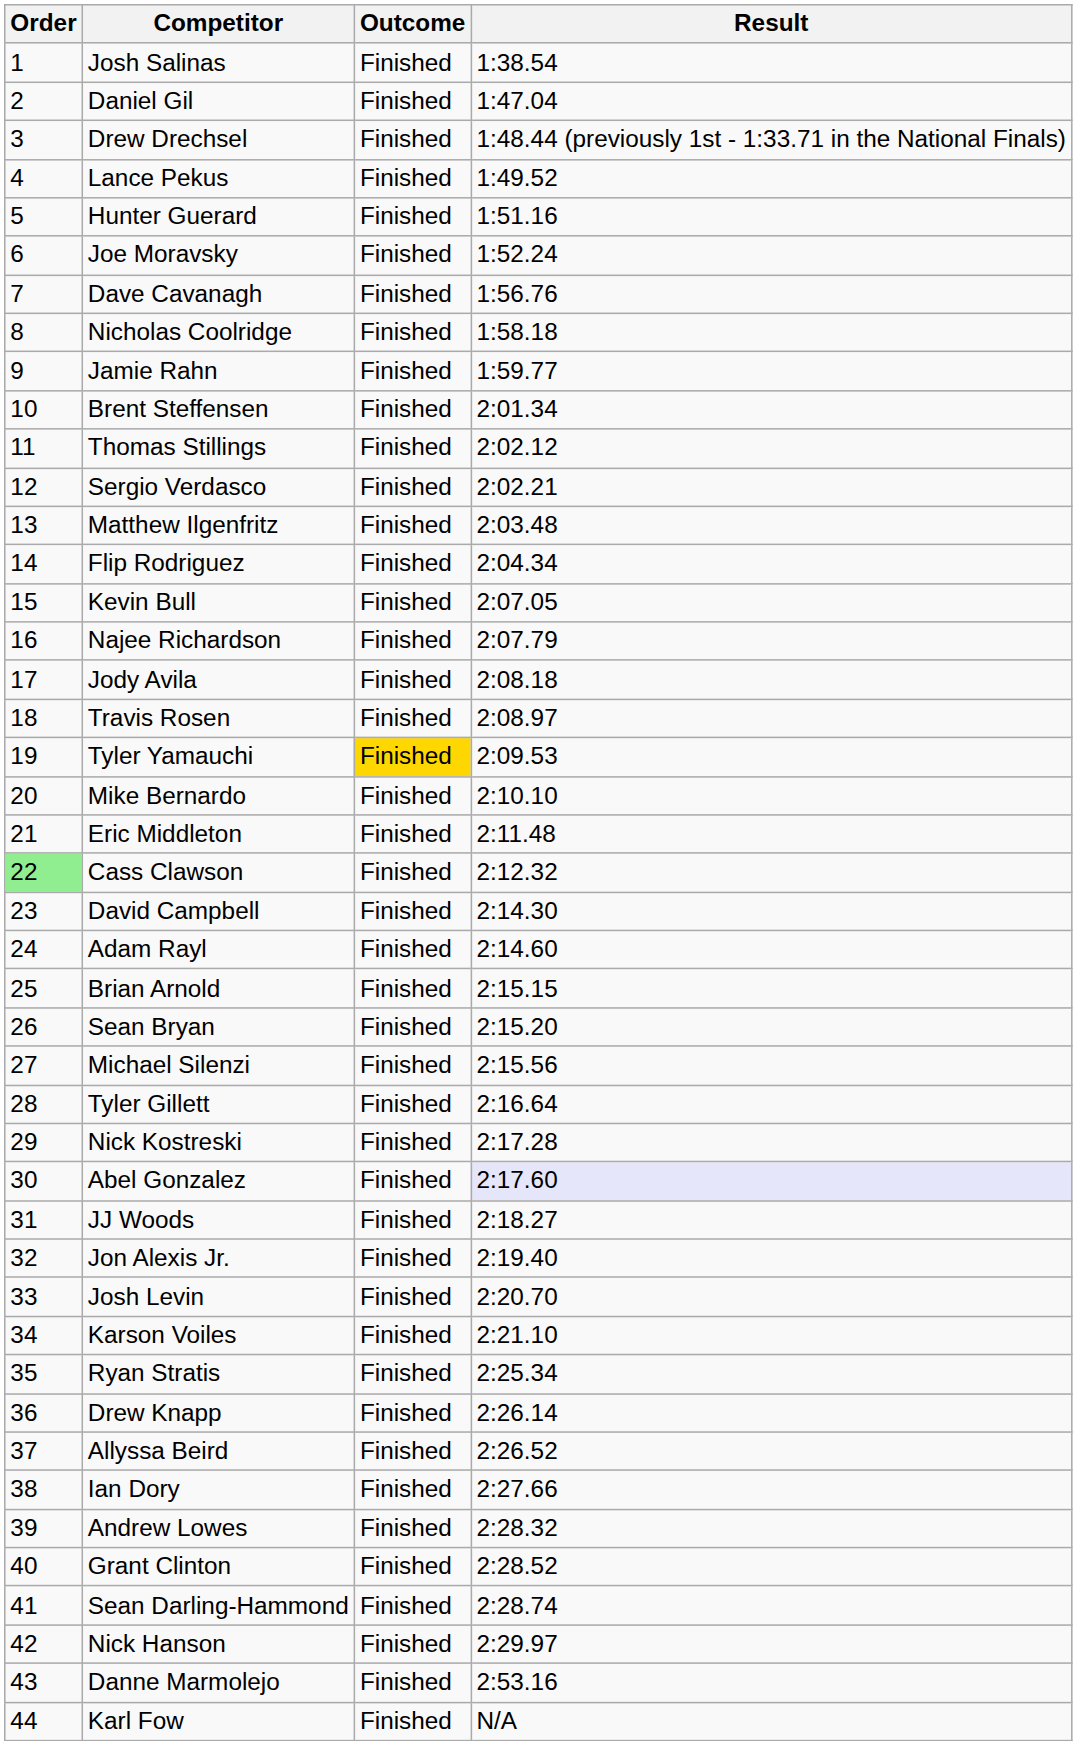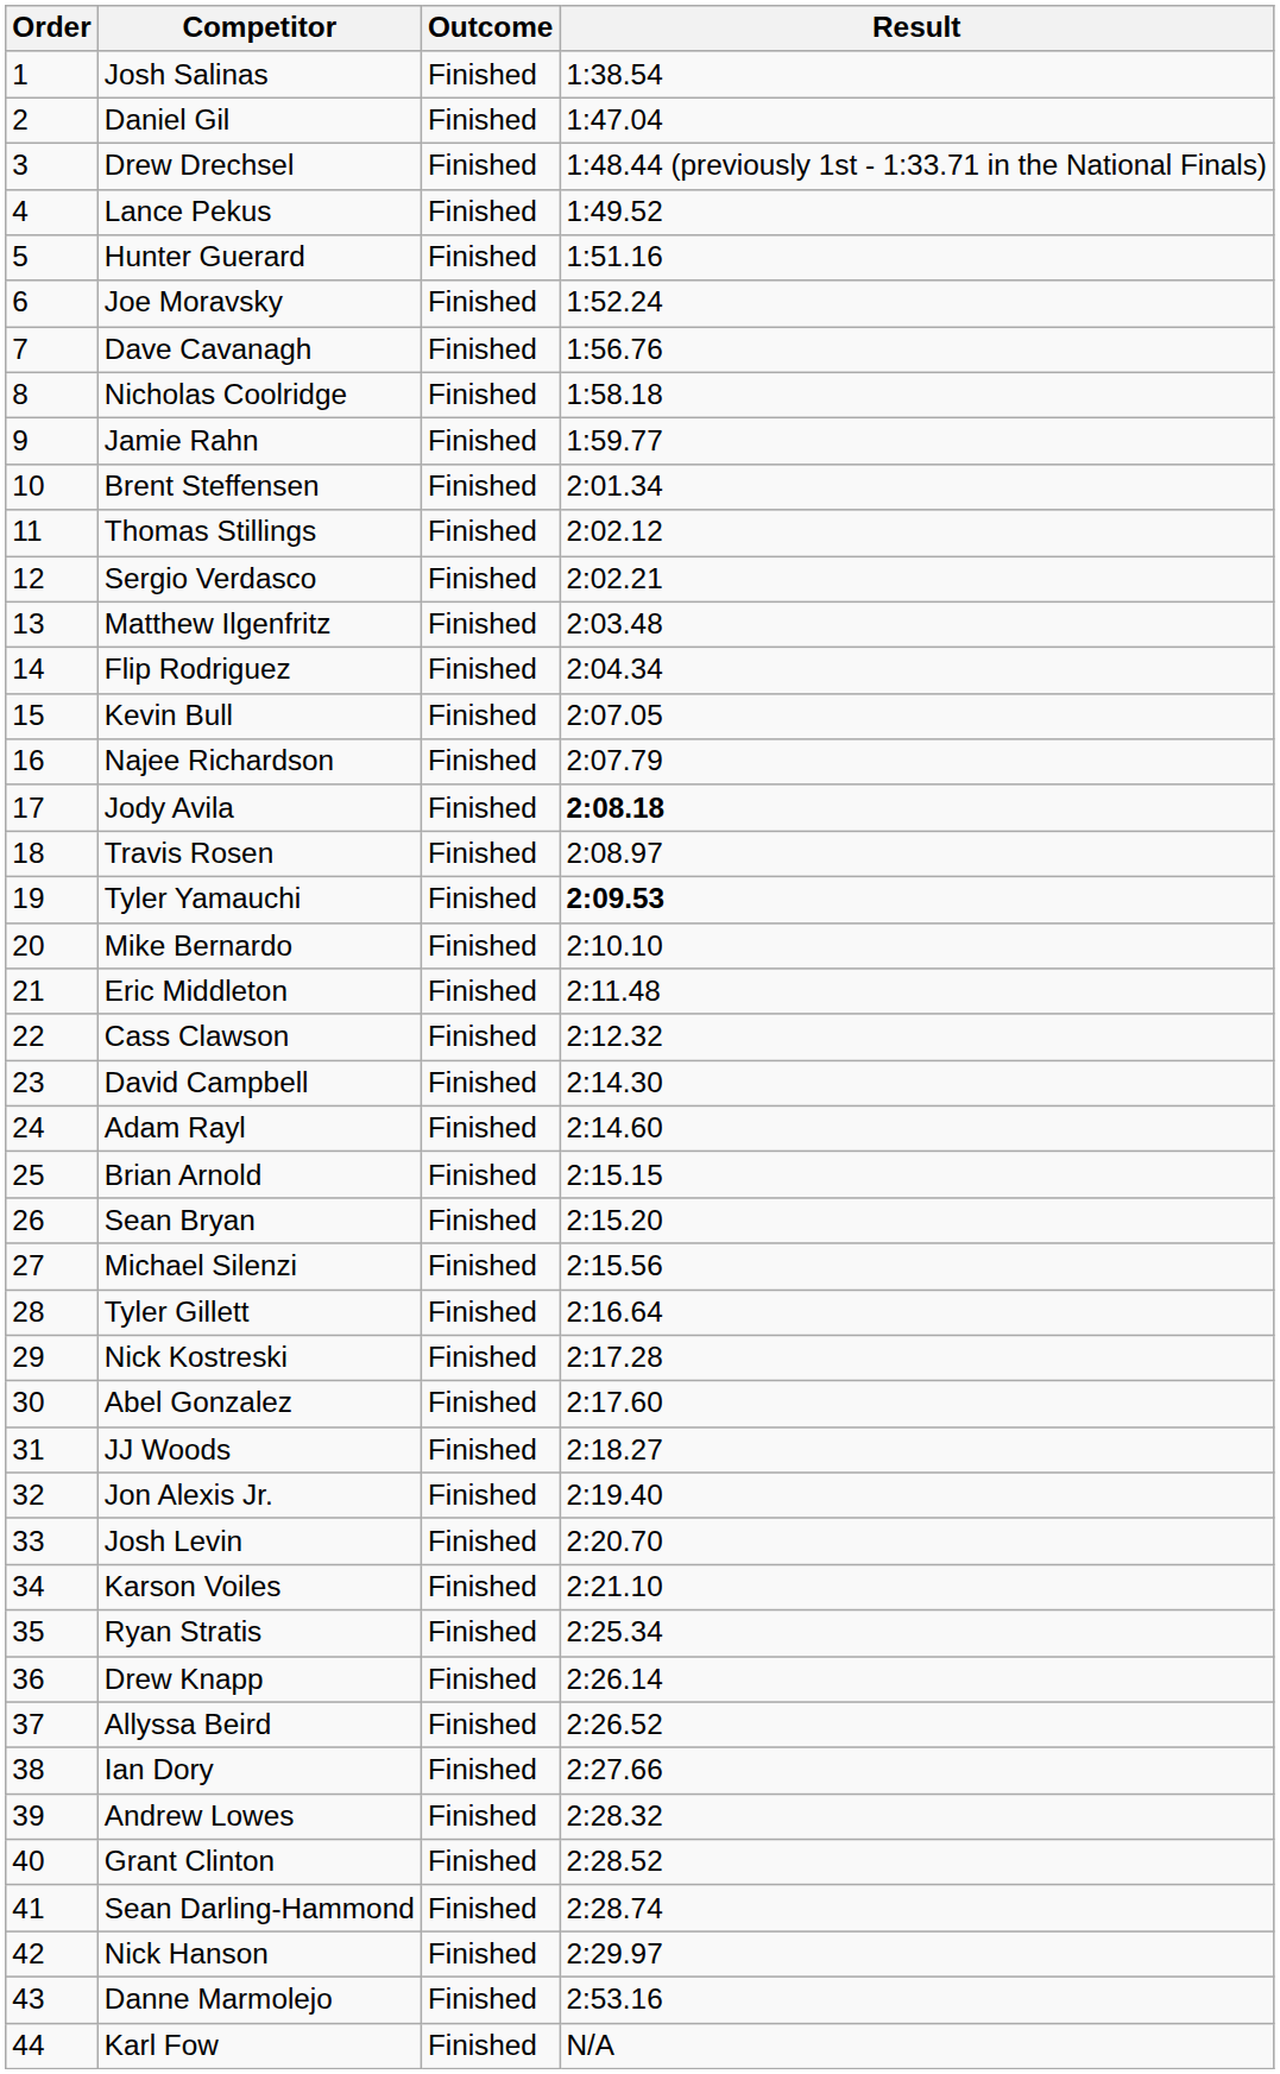 <table class="wikitable sortable">
 <tr>
 <th>Order</th>
 <th>Competitor</th>
 <th>Outcome</th>
 <th>Result</th>
 </tr>
 <tr>
 <td>1</td>
 <td>Josh Salinas</td>
 <td>Finished</td>
 <td>1:38.54</td>
 </tr>
 <tr>
 <td>2</td>
 <td>Daniel Gil</td>
 <td>Finished</td>
 <td>1:47.04</td>
 </tr>
 <tr>
 <td>3</td>
 <td>Drew Drechsel</td>
 <td>Finished</td>
 <td>1:48.44 (previously 1st - 1:33.71 in the National Finals)</td>
 </tr>
 <tr>
 <td>4</td>
 <td>Lance Pekus</td>
 <td>Finished</td>
 <td>1:49.52</td>
 </tr>
 <tr>
 <td>5</td>
 <td>Hunter Guerard</td>
 <td>Finished</td>
 <td>1:51.16</td>
 </tr>
 <tr>
 <td>6</td>
 <td>Joe Moravsky</td>
 <td>Finished</td>
 <td>1:52.24</td>
 </tr>
 <tr>
 <td>7</td>
 <td>Dave Cavanagh</td>
 <td>Finished</td>
 <td>1:56.76</td>
 </tr>
 <tr>
 <td>8</td>
 <td>Nicholas Coolridge</td>
 <td>Finished</td>
 <td>1:58.18</td>
 </tr>
 <tr>
 <td>9</td>
 <td>Jamie Rahn</td>
 <td>Finished</td>
 <td>1:59.77</td>
 </tr>
 <tr>
 <td>10</td>
 <td>Brent Steffensen</td>
 <td>Finished</td>
 <td>2:01.34</td>
 </tr>
 <tr>
 <td>11</td>
 <td>Thomas Stillings</td>
 <td>Finished</td>
 <td>2:02.12</td>
 </tr>
 <tr>
 <td>12</td>
 <td>Sergio Verdasco</td>
 <td>Finished</td>
 <td>2:02.21</td>
 </tr>
 <tr>
 <td>13</td>
 <td>Matthew Ilgenfritz</td>
 <td>Finished</td>
 <td>2:03.48</td>
 </tr>
 <tr>
 <td>14</td>
 <td>Flip Rodriguez</td>
 <td>Finished</td>
 <td>2:04.34</td>
 </tr>
 <tr>
 <td>15</td>
 <td>Kevin Bull</td>
 <td>Finished</td>
 <td>2:07.05</td>
 </tr>
 <tr>
 <td>16</td>
 <td>Najee Richardson</td>
 <td>Finished</td>
 <td>2:07.79</td>
 </tr>
 <tr>
 <td>17</td>
 <td>Jody Avila</td>
 <td>Finished</td>
-<td>2:08.18</td>
+<td><strong>2:08.18</strong></td>
 </tr>
 <tr>
 <td>18</td>
 <td>Travis Rosen</td>
 <td>Finished</td>
 <td>2:08.97</td>
 </tr>
 <tr>
 <td>19</td>
 <td>Tyler Yamauchi</td>
-<td style="background: gold;">Finished</td>
-<td>2:09.53</td>
+<td>Finished</td>
+<td><strong>2:09.53</strong></td>
 </tr>
 <tr>
 <td>20</td>
 <td>Mike Bernardo</td>
 <td>Finished</td>
 <td>2:10.10</td>
 </tr>
 <tr>
 <td>21</td>
 <td>Eric Middleton</td>
 <td>Finished</td>
 <td>2:11.48</td>
 </tr>
 <tr>
-<td style="background: lightgreen;">22</td>
+<td>22</td>
 <td>Cass Clawson</td>
 <td>Finished</td>
 <td>2:12.32</td>
 </tr>
 <tr>
 <td>23</td>
 <td>David Campbell</td>
 <td>Finished</td>
 <td>2:14.30</td>
 </tr>
 <tr>
 <td>24</td>
 <td>Adam Rayl</td>
 <td>Finished</td>
 <td>2:14.60</td>
 </tr>
 <tr>
 <td>25</td>
 <td>Brian Arnold</td>
 <td>Finished</td>
 <td>2:15.15</td>
 </tr>
 <tr>
 <td>26</td>
 <td>Sean Bryan</td>
 <td>Finished</td>
 <td>2:15.20</td>
 </tr>
 <tr>
 <td>27</td>
 <td>Michael Silenzi</td>
 <td>Finished</td>
 <td>2:15.56</td>
 </tr>
 <tr>
 <td>28</td>
 <td>Tyler Gillett</td>
 <td>Finished</td>
 <td>2:16.64</td>
 </tr>
 <tr>
 <td>29</td>
 <td>Nick Kostreski</td>
 <td>Finished</td>
 <td>2:17.28</td>
 </tr>
 <tr>
 <td>30</td>
 <td>Abel Gonzalez</td>
 <td>Finished</td>
-<td style="background: lavender;">2:17.60</td>
+<td>2:17.60</td>
 </tr>
 <tr>
 <td>31</td>
 <td>JJ Woods</td>
 <td>Finished</td>
 <td>2:18.27</td>
 </tr>
 <tr>
 <td>32</td>
 <td>Jon Alexis Jr.</td>
 <td>Finished</td>
 <td>2:19.40</td>
 </tr>
 <tr>
 <td>33</td>
 <td>Josh Levin</td>
 <td>Finished</td>
 <td>2:20.70</td>
 </tr>
 <tr>
 <td>34</td>
 <td>Karson Voiles</td>
 <td>Finished</td>
 <td>2:21.10</td>
 </tr>
 <tr>
 <td>35</td>
 <td>Ryan Stratis</td>
 <td>Finished</td>
 <td>2:25.34</td>
 </tr>
 <tr>
 <td>36</td>
 <td>Drew Knapp</td>
 <td>Finished</td>
 <td>2:26.14</td>
 </tr>
 <tr>
 <td>37</td>
 <td>Allyssa Beird</td>
 <td>Finished</td>
 <td>2:26.52</td>
 </tr>
 <tr>
 <td>38</td>
 <td>Ian Dory</td>
 <td>Finished</td>
 <td>2:27.66</td>
 </tr>
 <tr>
 <td>39</td>
 <td>Andrew Lowes</td>
 <td>Finished</td>
 <td>2:28.32</td>
 </tr>
 <tr>
 <td>40</td>
 <td>Grant Clinton</td>
 <td>Finished</td>
 <td>2:28.52</td>
 </tr>
 <tr>
 <td>41</td>
 <td>Sean Darling-Hammond</td>
 <td>Finished</td>
 <td>2:28.74</td>
 </tr>
 <tr>
 <td>42</td>
 <td>Nick Hanson</td>
 <td>Finished</td>
 <td>2:29.97</td>
 </tr>
 <tr>
 <td>43</td>
 <td>Danne Marmolejo</td>
 <td>Finished</td>
 <td>2:53.16</td>
 </tr>
 <tr>
 <td>44</td>
 <td>Karl Fow</td>
 <td>Finished</td>
 <td>N/A</td>
 </tr>
 </table>
